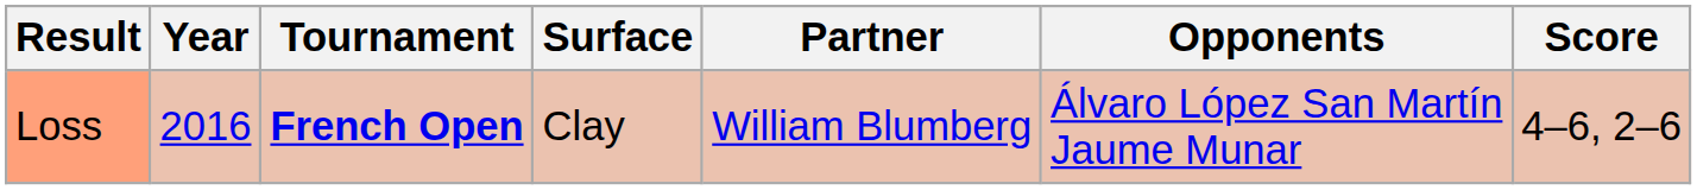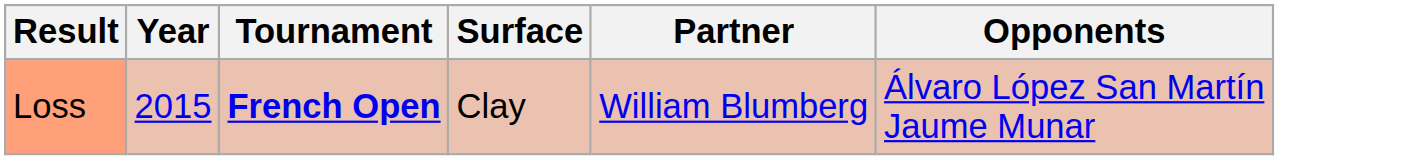 <table class="wikitable">
 <tr>
 <th>Result</th>
 <th>Year</th>
 <th>Tournament</th>
 <th>Surface</th>
 <th>Partner</th>
 <th>Opponents</th>
-<th class="unsortable">Score</th>
 </tr>
 <tr style="background:#ebc2af;">
 <td bgcolor=ffa07a>Loss</td>
-<td><a href='#'>2016</a></td>
+<td><a href='#'>2015</a></td>
 <td><strong><a href='#'>French Open</a></strong></td>
 <td>Clay</td>
 <td> <a href='#'>William Blumberg</a></td>
 <td> <a href='#'>Álvaro López San Martín</a> <br>  <a href='#'>Jaume Munar</a></td>
-<td>4–6, 2–6</td>
 </tr>
 </table>
